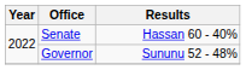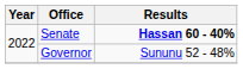 <table class=wikitable>
 <tr>
 <th width="30">Year</th>
 <th width="60">Office</th>
 <th width="180">Results</th>
 </tr>
 <tr>
 <td rowspan="2">2022</td>
 <td><a href='#'>Senate</a></td>
-<td align="right" ><a href='#'>Hassan</a> 60 - 40%</td>
+<td align="right" ><strong><a href='#'>Hassan</a> 60 - 40%</strong></td>
 </tr>
 <tr>
 <td><a href='#'>Governor</a></td>
 <td align="right" ><a href='#'>Sununu</a> 52 - 48%</td>
 </tr>
 <tr>
 </tr>
 </table>
